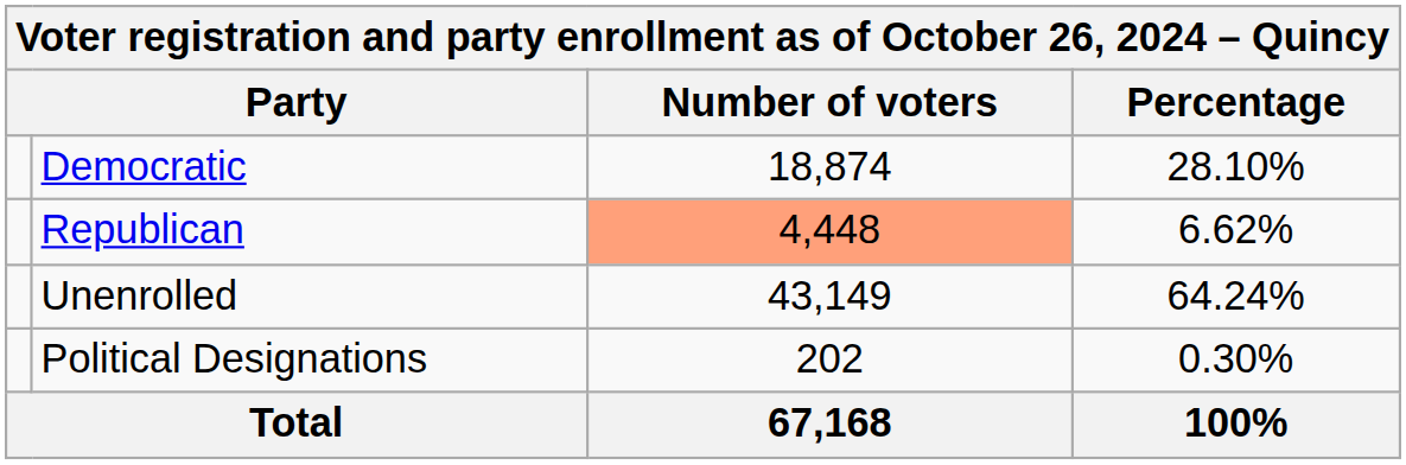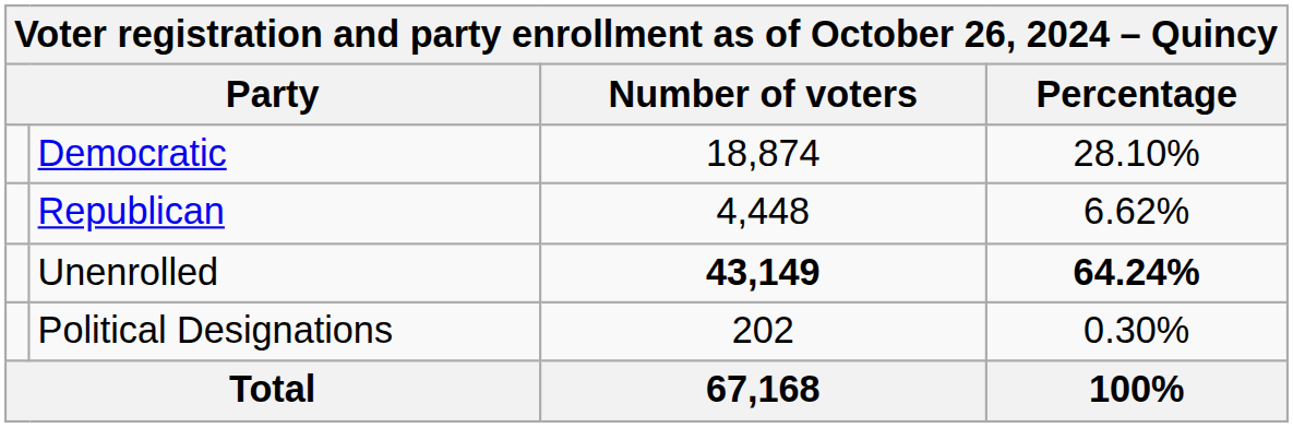 <table class=wikitable>
 <tr>
 <th colspan = 6>Voter registration and party enrollment as of October 26, 2024 – Quincy</th>
 </tr>
 <tr>
 <th colspan = 2>Party</th>
 <th>Number of voters</th>
 <th>Percentage</th>
 </tr>
 <tr>
 <td></td>
 <td><a href='#'>Democratic</a></td>
 <td style="text-align:center;">18,874</td>
 <td style="text-align:center;">28.10%</td>
 </tr>
 <tr>
 <td></td>
 <td><a href='#'>Republican</a></td>
-<td style="background: lightsalmon; text-align:center;">4,448</td>
+<td style="text-align:center;">4,448</td>
 <td style="text-align:center;">6.62%</td>
 </tr>
 <tr>
 <td></td>
 <td>Unenrolled</td>
-<td style="text-align:center;">43,149</td>
-<td style="text-align:center;">64.24%</td>
+<td style="text-align:center;"><strong>43,149</strong></td>
+<td style="text-align:center;"><strong>64.24%</strong></td>
 </tr>
 <tr>
 <td></td>
 <td>Political Designations</td>
 <td style="text-align:center;">202</td>
 <td style="text-align:center;">0.30%</td>
 </tr>
 <tr>
 <th colspan = 2>Total</th>
 <th style="text-align:center;">67,168</th>
 <th style="text-align:center;">100%</th>
 </tr>
 </table>
